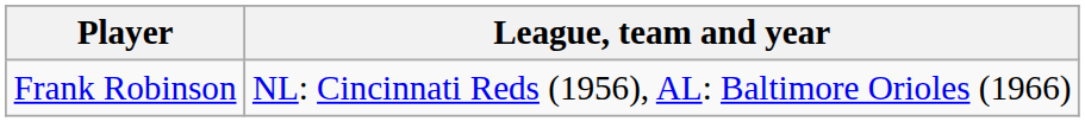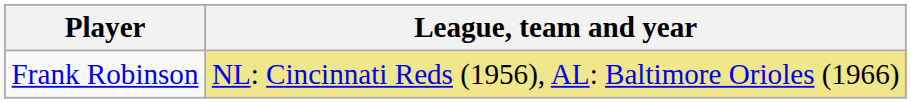 <table class="wikitable">
 <tr>
 <th>Player</th>
 <th>League, team and year</th>
 </tr>
 <tr>
 <td><a href='#'>Frank Robinson</a></td>
-<td><a href='#'>NL</a>: <a href='#'>Cincinnati Reds</a> (1956), <a href='#'>AL</a>: <a href='#'>Baltimore Orioles</a> (1966)</td>
+<td style="background: khaki;"><a href='#'>NL</a>: <a href='#'>Cincinnati Reds</a> (1956), <a href='#'>AL</a>: <a href='#'>Baltimore Orioles</a> (1966)</td>
 </tr>
 </table>
